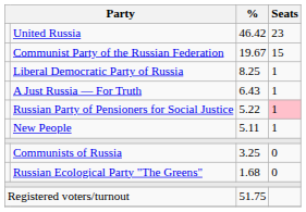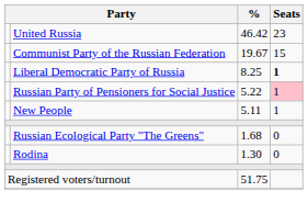 <table class="wikitable">
 <tr>
 <th colspan=2>Party</th>
 <th>%</th>
 <th>Seats</th>
 </tr>
 <tr>
 <td style="background:"></td>
 <td><a href='#'>United Russia</a></td>
 <td>46.42</td>
 <td>23</td>
 </tr>
 <tr>
 <td style="background:"></td>
 <td><a href='#'>Communist Party of the Russian Federation</a></td>
 <td>19.67</td>
 <td>15</td>
 </tr>
 <tr>
 <td style="background:"></td>
 <td><a href='#'>Liberal Democratic Party of Russia</a></td>
 <td>8.25</td>
-<td>1</td>
-</tr>
-<tr>
-<td style="background:"></td>
-<td><a href='#'>A Just Russia — For Truth</a></td>
-<td>6.43</td>
-<td>1</td>
+<td><strong>1</strong></td>
 </tr>
 <tr>
 <td style="background:"></td>
 <td><a href='#'>Russian Party of Pensioners for Social Justice</a></td>
 <td>5.22</td>
 <td style="background: pink;">1</td>
 </tr>
 <tr>
 <td style="background:"></td>
 <td><a href='#'>New People</a></td>
 <td>5.11</td>
 <td>1</td>
 </tr>
 <tr>
 <td colspan=4 style="background:#E9E9E9;"></td>
 </tr>
 <tr>
 <td style="background:"></td>
-<td><a href='#'>Communists of Russia</a></td>
-<td>3.25</td>
+<td><a href='#'>Russian Ecological Party "The Greens"</a></td>
+<td>1.68</td>
 <td>0</td>
 </tr>
 <tr>
 <td style="background:"></td>
-<td><a href='#'>Russian Ecological Party "The Greens"</a></td>
-<td>1.68</td>
+<td><a href='#'>Rodina</a></td>
+<td>1.30</td>
 <td>0</td>
 </tr>
 <tr>
 <td colspan=4 style="background:#E9E9E9;"></td>
 </tr>
 <tr>
 <td align=left colspan=2>Registered voters/turnout</td>
 <td>51.75</td>
 <td></td>
 </tr>
 <tr>
 </tr>
 </table>
